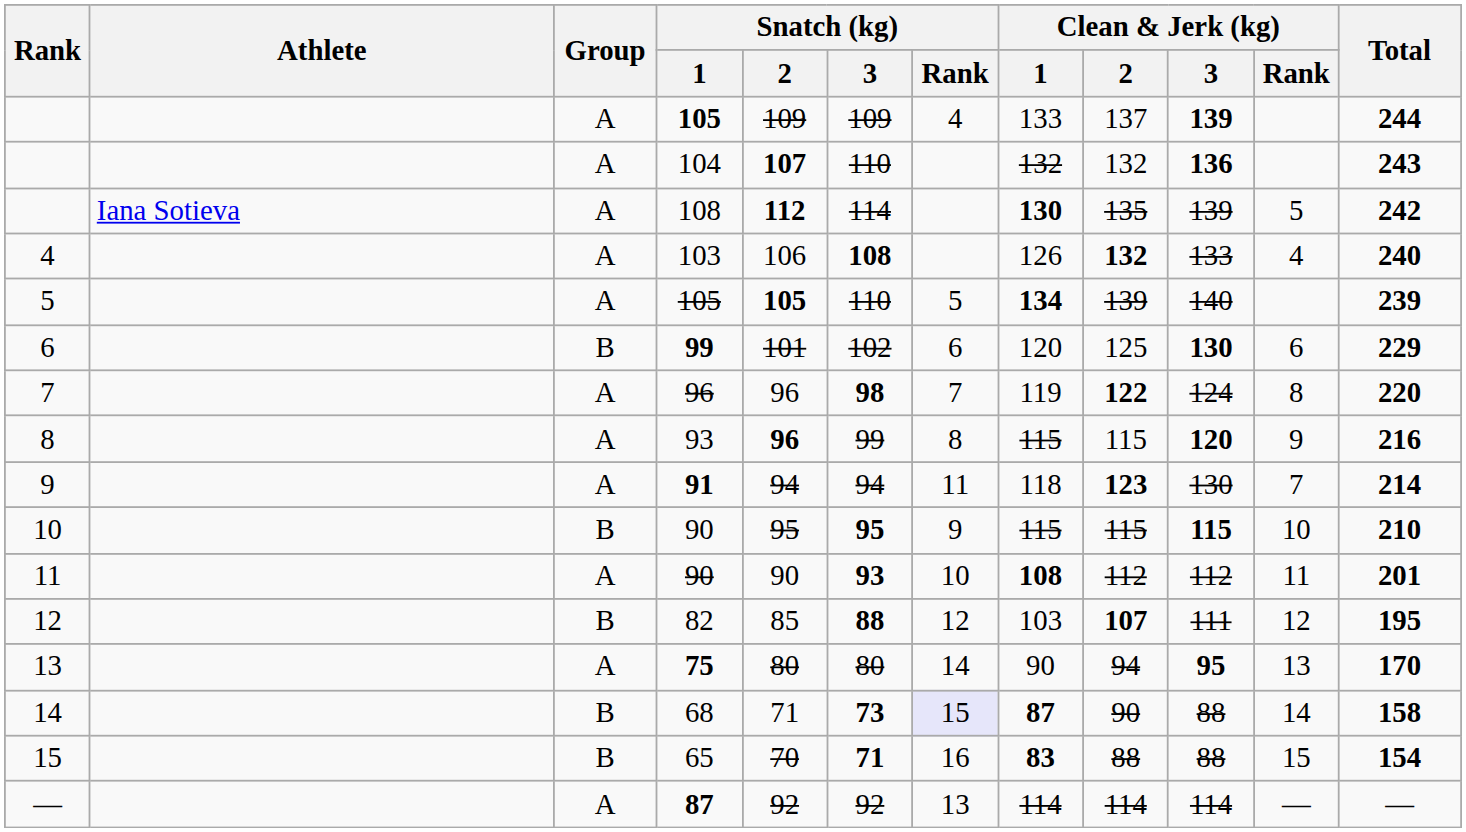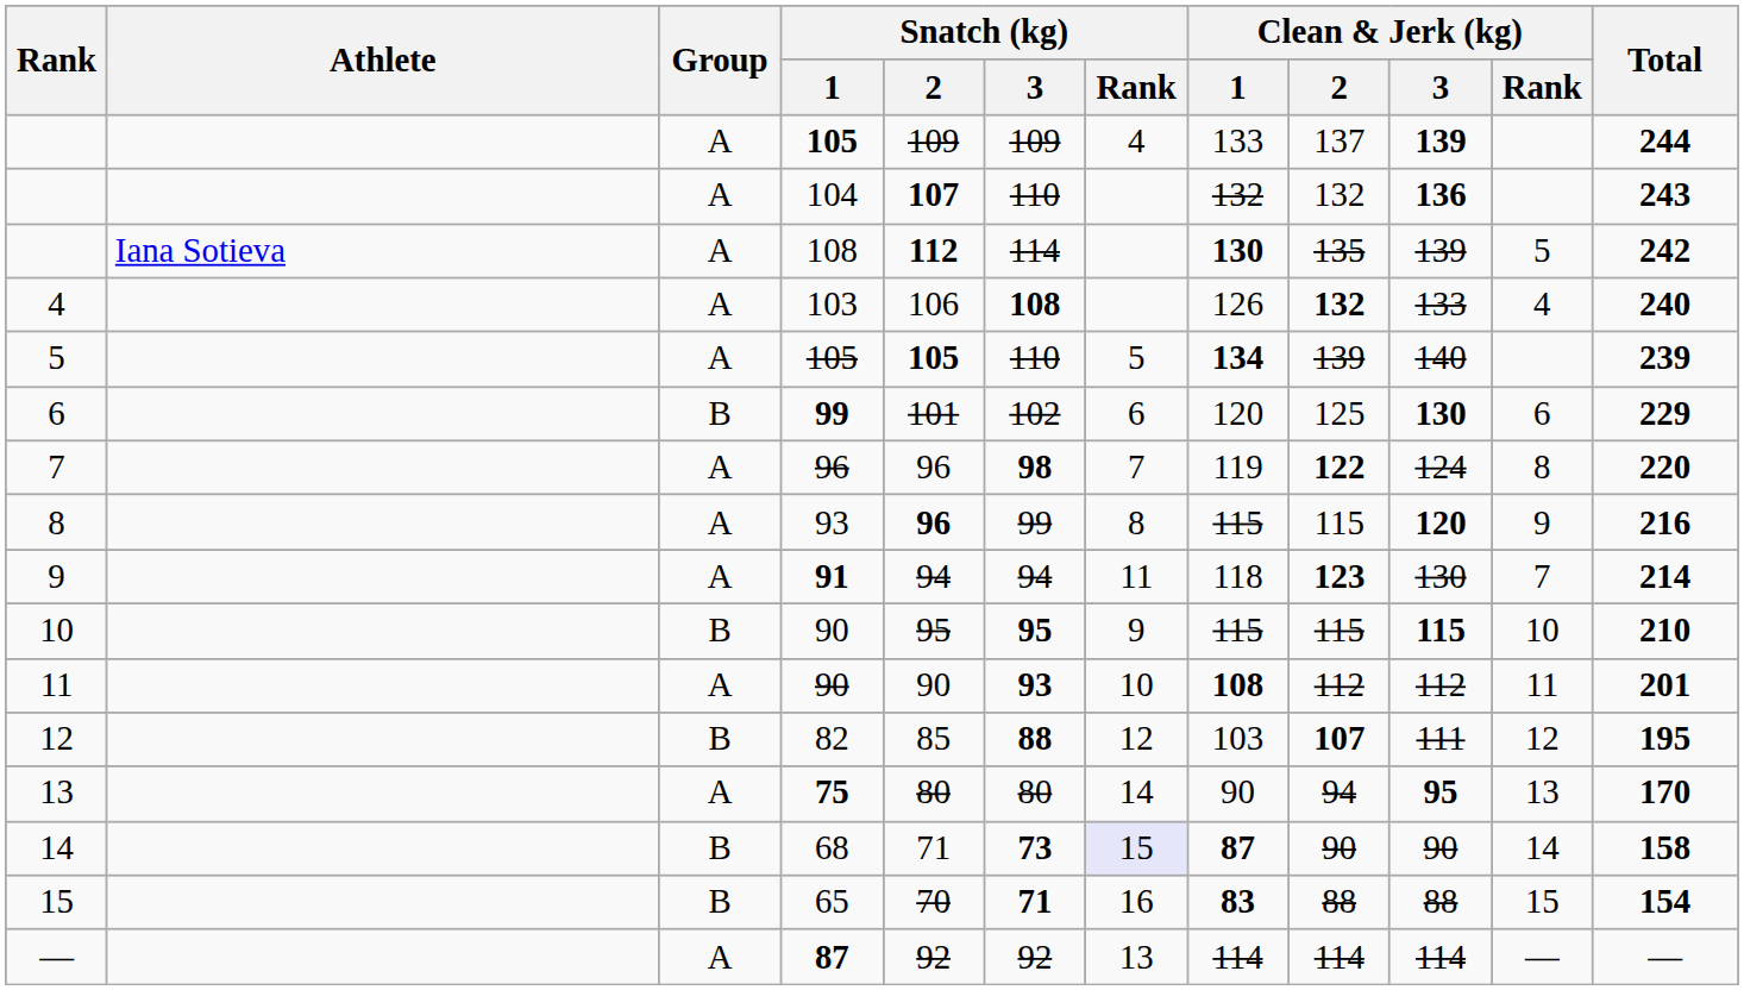 <table class = "wikitable" style="text-align:center;">
 <tr>
 <th rowspan=2 width=40>Rank</th>
 <th rowspan=2 width=250>Athlete</th>
 <th rowspan=2 width=50>Group</th>
 <th colspan=4>Snatch (kg)</th>
 <th colspan=4>Clean & Jerk (kg)</th>
 <th rowspan=2 width=60>Total</th>
 </tr>
 <tr>
 <th width=40>1</th>
 <th width=40>2</th>
 <th width=40>3</th>
 <th width=40>Rank</th>
 <th width=40>1</th>
 <th width=40>2</th>
 <th width=40>3</th>
 <th width=40>Rank</th>
 </tr>
 <tr>
 <td></td>
 <td align=left></td>
 <td>A</td>
 <td><strong>105</strong></td>
 <td><s>109</s></td>
 <td><s>109</s></td>
 <td>4</td>
 <td>133</td>
 <td>137</td>
 <td><strong>139</strong></td>
 <td></td>
 <td><strong>244</strong></td>
 </tr>
 <tr>
 <td></td>
 <td align=left></td>
 <td>A</td>
 <td>104</td>
 <td><strong>107</strong></td>
 <td><s>110</s></td>
 <td></td>
 <td><s>132</s></td>
 <td>132</td>
 <td><strong>136</strong></td>
 <td></td>
 <td><strong>243</strong></td>
 </tr>
 <tr>
 <td></td>
 <td align=left> <a href='#'>Iana Sotieva</a> </td>
 <td>A</td>
 <td>108</td>
 <td><strong>112</strong></td>
 <td><s>114</s></td>
 <td></td>
 <td><strong>130</strong></td>
 <td><s>135</s></td>
 <td><s>139</s></td>
 <td>5</td>
 <td><strong>242</strong></td>
 </tr>
 <tr>
 <td>4</td>
 <td align=left></td>
 <td>A</td>
 <td>103</td>
 <td>106</td>
 <td><strong>108</strong></td>
 <td></td>
 <td>126</td>
 <td><strong>132</strong></td>
 <td><s>133</s></td>
 <td>4</td>
 <td><strong>240</strong></td>
 </tr>
 <tr>
 <td>5</td>
 <td align=left></td>
 <td>A</td>
 <td><s>105</s></td>
 <td><strong>105</strong></td>
 <td><s>110</s></td>
 <td>5</td>
 <td><strong>134</strong></td>
 <td><s>139</s></td>
 <td><s>140</s></td>
 <td></td>
 <td><strong>239</strong></td>
 </tr>
 <tr>
 <td>6</td>
 <td align=left></td>
 <td>B</td>
 <td><strong>99</strong></td>
 <td><s>101</s></td>
 <td><s>102</s></td>
 <td>6</td>
 <td>120</td>
 <td>125</td>
 <td><strong>130</strong></td>
 <td>6</td>
 <td><strong>229</strong></td>
 </tr>
 <tr>
 <td>7</td>
 <td align=left></td>
 <td>A</td>
 <td><s>96</s></td>
 <td>96</td>
 <td><strong>98</strong></td>
 <td>7</td>
 <td>119</td>
 <td><strong>122</strong></td>
 <td><s>124</s></td>
 <td>8</td>
 <td><strong>220</strong></td>
 </tr>
 <tr>
 <td>8</td>
 <td align=left></td>
 <td>A</td>
 <td>93</td>
 <td><strong>96</strong></td>
 <td><s>99</s></td>
 <td>8</td>
 <td><s>115</s></td>
 <td>115</td>
 <td><strong>120</strong></td>
 <td>9</td>
 <td><strong>216</strong></td>
 </tr>
 <tr>
 <td>9</td>
 <td align=left></td>
 <td>A</td>
 <td><strong>91</strong></td>
 <td><s>94</s></td>
 <td><s>94</s></td>
 <td>11</td>
 <td>118</td>
 <td><strong>123</strong></td>
 <td><s>130</s></td>
 <td>7</td>
 <td><strong>214</strong></td>
 </tr>
 <tr>
 <td>10</td>
 <td align=left></td>
 <td>B</td>
 <td>90</td>
 <td><s>95</s></td>
 <td><strong>95</strong></td>
 <td>9</td>
 <td><s>115</s></td>
 <td><s>115</s></td>
 <td><strong>115</strong></td>
 <td>10</td>
 <td><strong>210</strong></td>
 </tr>
 <tr>
 <td>11</td>
 <td align=left></td>
 <td>A</td>
 <td><s>90</s></td>
 <td>90</td>
 <td><strong>93</strong></td>
 <td>10</td>
 <td><strong>108</strong></td>
 <td><s>112</s></td>
 <td><s>112</s></td>
 <td>11</td>
 <td><strong>201</strong></td>
 </tr>
 <tr>
 <td>12</td>
 <td align=left></td>
 <td>B</td>
 <td>82</td>
 <td>85</td>
 <td><strong>88</strong></td>
 <td>12</td>
 <td>103</td>
 <td><strong>107</strong></td>
 <td><s>111</s></td>
 <td>12</td>
 <td><strong>195</strong></td>
 </tr>
 <tr>
 <td>13</td>
 <td align=left></td>
 <td>A</td>
 <td><strong>75</strong></td>
 <td><s>80</s></td>
 <td><s>80</s></td>
 <td>14</td>
 <td>90</td>
 <td><s>94</s></td>
 <td><strong>95</strong></td>
 <td>13</td>
 <td><strong>170</strong></td>
 </tr>
 <tr>
 <td>14</td>
 <td align=left></td>
 <td>B</td>
 <td>68</td>
 <td>71</td>
 <td><strong>73</strong></td>
 <td style="background: lavender;">15</td>
 <td><strong>87</strong></td>
 <td><s>90</s></td>
-<td><s>88</s></td>
+<td><s>90</s></td>
 <td>14</td>
 <td><strong>158</strong></td>
 </tr>
 <tr>
 <td>15</td>
 <td align=left></td>
 <td>B</td>
 <td>65</td>
 <td><s>70</s></td>
 <td><strong>71</strong></td>
 <td>16</td>
 <td><strong>83</strong></td>
 <td><s>88</s></td>
 <td><s>88</s></td>
 <td>15</td>
 <td><strong>154</strong></td>
 </tr>
 <tr>
 <td>—</td>
 <td align=left></td>
 <td>A</td>
 <td><strong>87</strong></td>
 <td><s>92</s></td>
 <td><s>92</s></td>
 <td>13</td>
 <td><s>114</s></td>
 <td><s>114</s></td>
 <td><s>114</s></td>
 <td>—</td>
 <td>—</td>
 </tr>
 </table>
